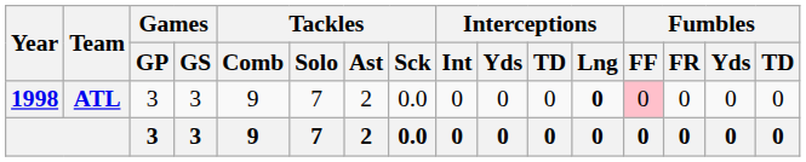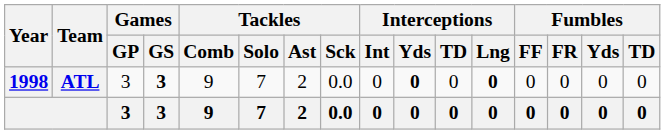 <table class="wikitable" style="text-align:center">
 <tr>
 <th rowspan="2">Year</th>
 <th rowspan="2">Team</th>
 <th colspan="2">Games</th>
 <th colspan="4">Tackles</th>
 <th colspan="4">Interceptions</th>
 <th colspan="4">Fumbles</th>
 </tr>
 <tr>
 <th>GP</th>
 <th>GS</th>
 <th>Comb</th>
 <th>Solo</th>
 <th>Ast</th>
 <th>Sck</th>
 <th>Int</th>
 <th>Yds</th>
 <th>TD</th>
 <th>Lng</th>
 <th>FF</th>
 <th>FR</th>
 <th>Yds</th>
 <th>TD</th>
 </tr>
 <tr>
 <th><a href='#'>1998</a></th>
 <th><a href='#'>ATL</a></th>
 <td>3</td>
-<td>3</td>
+<td><strong>3</strong></td>
 <td>9</td>
 <td>7</td>
 <td>2</td>
 <td>0.0</td>
 <td>0</td>
-<td>0</td>
+<td><strong>0</strong></td>
 <td>0</td>
 <td><strong>0</strong></td>
-<td style="background: pink;">0</td>
+<td>0</td>
 <td>0</td>
 <td>0</td>
 <td>0</td>
 </tr>
 <tr>
 <th colspan="2"></th>
 <th>3</th>
 <th>3</th>
 <th>9</th>
 <th>7</th>
 <th>2</th>
 <th>0.0</th>
 <th>0</th>
 <th>0</th>
 <th>0</th>
 <th>0</th>
 <th>0</th>
 <th>0</th>
 <th>0</th>
 <th>0</th>
 </tr>
 </table>
